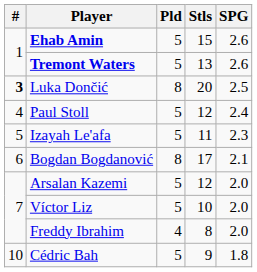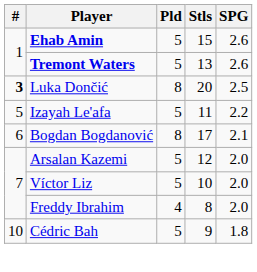 <table class=wikitable style="text-align:right; display:inline-table;">
 <tr>
 <th>#</th>
 <th>Player</th>
 <th>Pld</th>
 <th>Stls</th>
 <th>SPG</th>
 </tr>
 <tr>
 <td rowspan=2>1</td>
 <td align=left> <strong><a href='#'>Ehab Amin</a></strong></td>
 <td>5</td>
 <td>15</td>
 <td>2.6</td>
 </tr>
 <tr>
 <td align=left> <strong><a href='#'>Tremont Waters</a></strong></td>
 <td>5</td>
 <td>13</td>
 <td>2.6</td>
 </tr>
 <tr>
 <td><strong>3</strong></td>
 <td align=left> <a href='#'>Luka Dončić</a></td>
 <td>8</td>
 <td>20</td>
 <td>2.5</td>
 </tr>
 <tr>
-<td>4</td>
-<td align=left> <a href='#'>Paul Stoll</a></td>
-<td>5</td>
-<td>12</td>
-<td>2.4</td>
-</tr>
-<tr>
 <td>5</td>
 <td align=left> <a href='#'>Izayah Le'afa</a></td>
 <td>5</td>
 <td>11</td>
-<td>2.3</td>
+<td>2.2</td>
 </tr>
 <tr>
 <td>6</td>
 <td align=left> <a href='#'>Bogdan Bogdanović</a></td>
 <td>8</td>
 <td>17</td>
 <td>2.1</td>
 </tr>
 <tr>
 <td rowspan=3>7</td>
 <td align=left> <a href='#'>Arsalan Kazemi</a></td>
 <td>5</td>
 <td>12</td>
 <td>2.0</td>
 </tr>
 <tr>
 <td align=left> <a href='#'>Víctor Liz</a></td>
 <td>5</td>
 <td>10</td>
 <td>2.0</td>
 </tr>
 <tr>
 <td align=left> <a href='#'>Freddy Ibrahim</a></td>
 <td>4</td>
 <td>8</td>
 <td>2.0</td>
 </tr>
 <tr>
 <td>10</td>
 <td align=left> <a href='#'>Cédric Bah</a></td>
 <td>5</td>
 <td>9</td>
 <td>1.8</td>
 </tr>
 </table>
